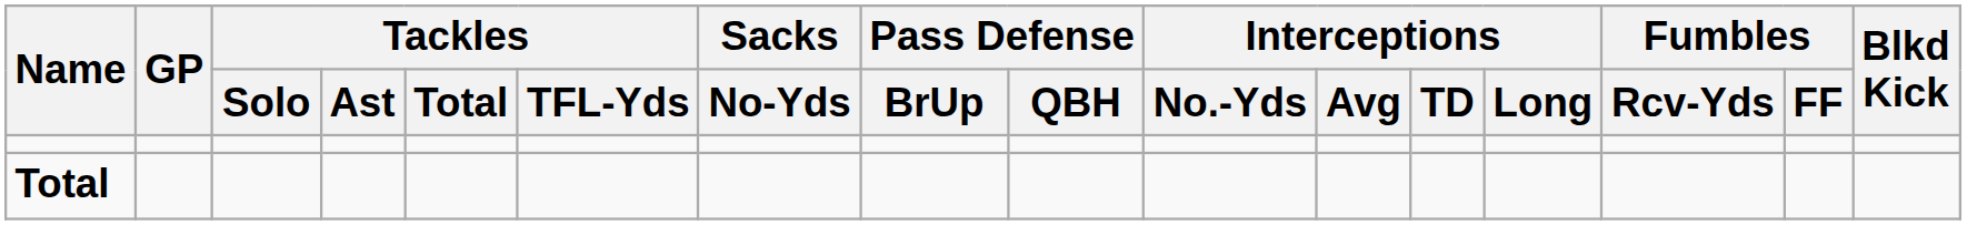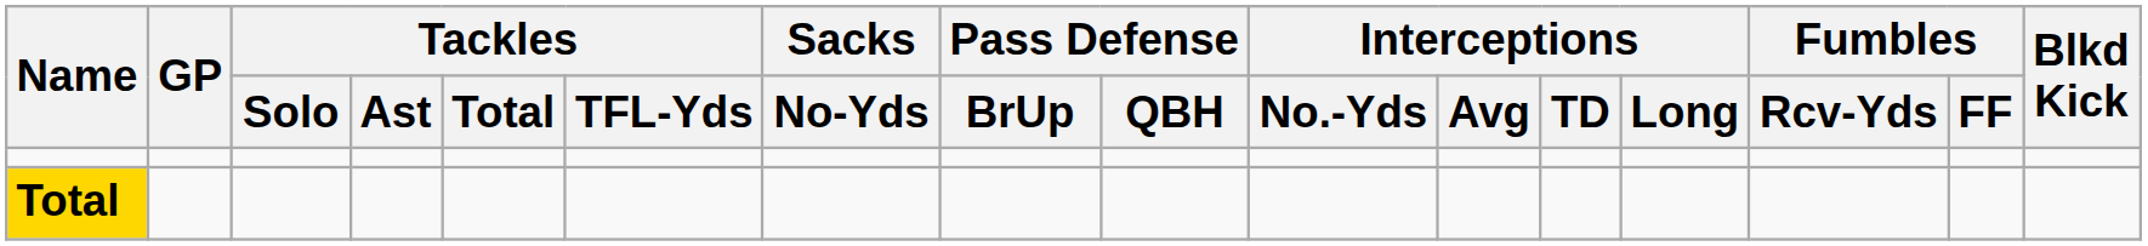 <table class="wikitable" style="white-space:nowrap;">
 <tr>
 <th rowspan="2">Name</th>
 <th rowspan="2">GP</th>
 <th colspan="4">Tackles</th>
 <th>Sacks</th>
 <th colspan="2">Pass Defense</th>
 <th colspan="4">Interceptions</th>
 <th colspan="2">Fumbles</th>
 <th rowspan="2">Blkd<br>Kick</th>
 </tr>
 <tr hum babe>
 <th>Solo</th>
 <th>Ast</th>
 <th>Total</th>
 <th>TFL-Yds</th>
 <th>No-Yds</th>
 <th>BrUp</th>
 <th>QBH</th>
 <th>No.-Yds</th>
 <th>Avg</th>
 <th>TD</th>
 <th>Long</th>
 <th>Rcv-Yds</th>
 <th>FF</th>
 </tr>
 <tr>
 <td></td>
 <td></td>
 <td></td>
 <td></td>
 <td></td>
 <td></td>
 <td></td>
 <td></td>
 <td></td>
 <td></td>
 <td></td>
 <td></td>
 <td></td>
 <td></td>
 <td></td>
 <td></td>
 </tr>
 <tr>
-<td><strong>Total</strong></td>
+<td style="background: gold;"><strong>Total</strong></td>
 <td></td>
 <td></td>
 <td></td>
 <td></td>
 <td></td>
 <td></td>
 <td></td>
 <td></td>
 <td></td>
 <td></td>
 <td></td>
 <td></td>
 <td></td>
 <td></td>
 <td></td>
 </tr>
 </table>
